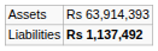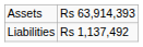 <table class="wikitable">
 <tr>
 <td>Assets</td>
 <td>Rs 63,914,393</td>
 </tr>
 <tr>
 <td>Liabilities</td>
-<td><strong>Rs 1,137,492</strong></td>
+<td>Rs 1,137,492</td>
 </tr>
 </table>
